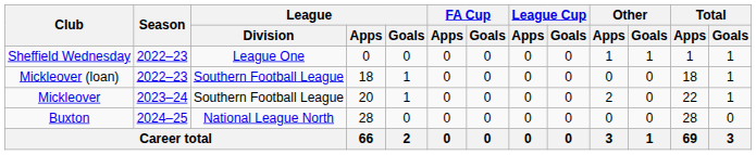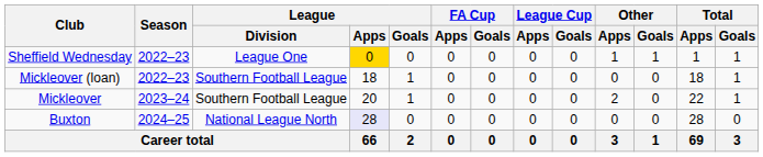 <table class=wikitable style="text-align:center">
 <tr>
 <th rowspan="2">Club</th>
 <th rowspan="2">Season</th>
 <th colspan="3">League</th>
 <th colspan="2"><a href='#'>FA Cup</a></th>
 <th colspan="2"><a href='#'>League Cup</a></th>
 <th colspan="2">Other</th>
 <th colspan="2">Total</th>
 </tr>
 <tr>
 <th>Division</th>
 <th>Apps</th>
 <th>Goals</th>
 <th>Apps</th>
 <th>Goals</th>
 <th>Apps</th>
 <th>Goals</th>
 <th>Apps</th>
 <th>Goals</th>
 <th>Apps</th>
 <th>Goals</th>
 </tr>
 <tr>
 <td><a href='#'>Sheffield Wednesday</a></td>
 <td><a href='#'>2022–23</a></td>
 <td><a href='#'>League One</a></td>
-<td>0</td>
+<td style="background: gold;">0</td>
 <td>0</td>
 <td>0</td>
 <td>0</td>
 <td>0</td>
 <td>0</td>
 <td>1</td>
 <td>1</td>
 <td>1</td>
 <td>1</td>
 </tr>
 <tr>
 <td><a href='#'>Mickleover</a> (loan)</td>
 <td><a href='#'>2022–23</a></td>
 <td><a href='#'>Southern Football League</a></td>
 <td>18</td>
 <td>1</td>
 <td>0</td>
 <td>0</td>
 <td>0</td>
 <td>0</td>
 <td>0</td>
 <td>0</td>
 <td>18</td>
 <td>1</td>
 </tr>
 <tr>
 <td><a href='#'>Mickleover</a></td>
 <td><a href='#'>2023–24</a></td>
 <td>Southern Football League</td>
 <td>20</td>
 <td>1</td>
 <td>0</td>
 <td>0</td>
 <td>0</td>
 <td>0</td>
 <td>2</td>
 <td>0</td>
 <td>22</td>
 <td>1</td>
 </tr>
 <tr>
 <td><a href='#'>Buxton</a></td>
 <td><a href='#'>2024–25</a></td>
 <td><a href='#'>National League North</a></td>
-<td>28</td>
+<td style="background: lavender;">28</td>
 <td>0</td>
 <td>0</td>
 <td>0</td>
 <td>0</td>
 <td>0</td>
 <td>0</td>
 <td>0</td>
 <td>28</td>
 <td>0</td>
 </tr>
 <tr>
 <th colspan="3">Career total</th>
 <th>66</th>
 <th>2</th>
 <th>0</th>
 <th>0</th>
 <th>0</th>
 <th>0</th>
 <th>3</th>
 <th>1</th>
 <th>69</th>
 <th>3</th>
 </tr>
 </table>
